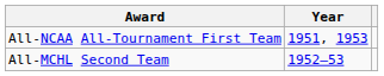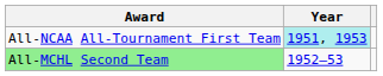 <table class="wikitable">
 <tr>
 <th>Award</th>
 <th>Year</th>
 <th></th>
 </tr>
 <tr>
 <td>All-<a href='#'>NCAA</a> <a href='#'>All-Tournament First Team</a></td>
-<td><a href='#'>1951</a>, <a href='#'>1953</a></td>
+<td style="background: paleturquoise;"><a href='#'>1951</a>, <a href='#'>1953</a></td>
 <td></td>
 </tr>
 <tr>
-<td>All-<a href='#'>MCHL</a> <a href='#'>Second Team</a></td>
+<td style="background: lightgreen;">All-<a href='#'>MCHL</a> <a href='#'>Second Team</a></td>
 <td><a href='#'>1952–53</a></td>
 <td></td>
 </tr>
 </table>
